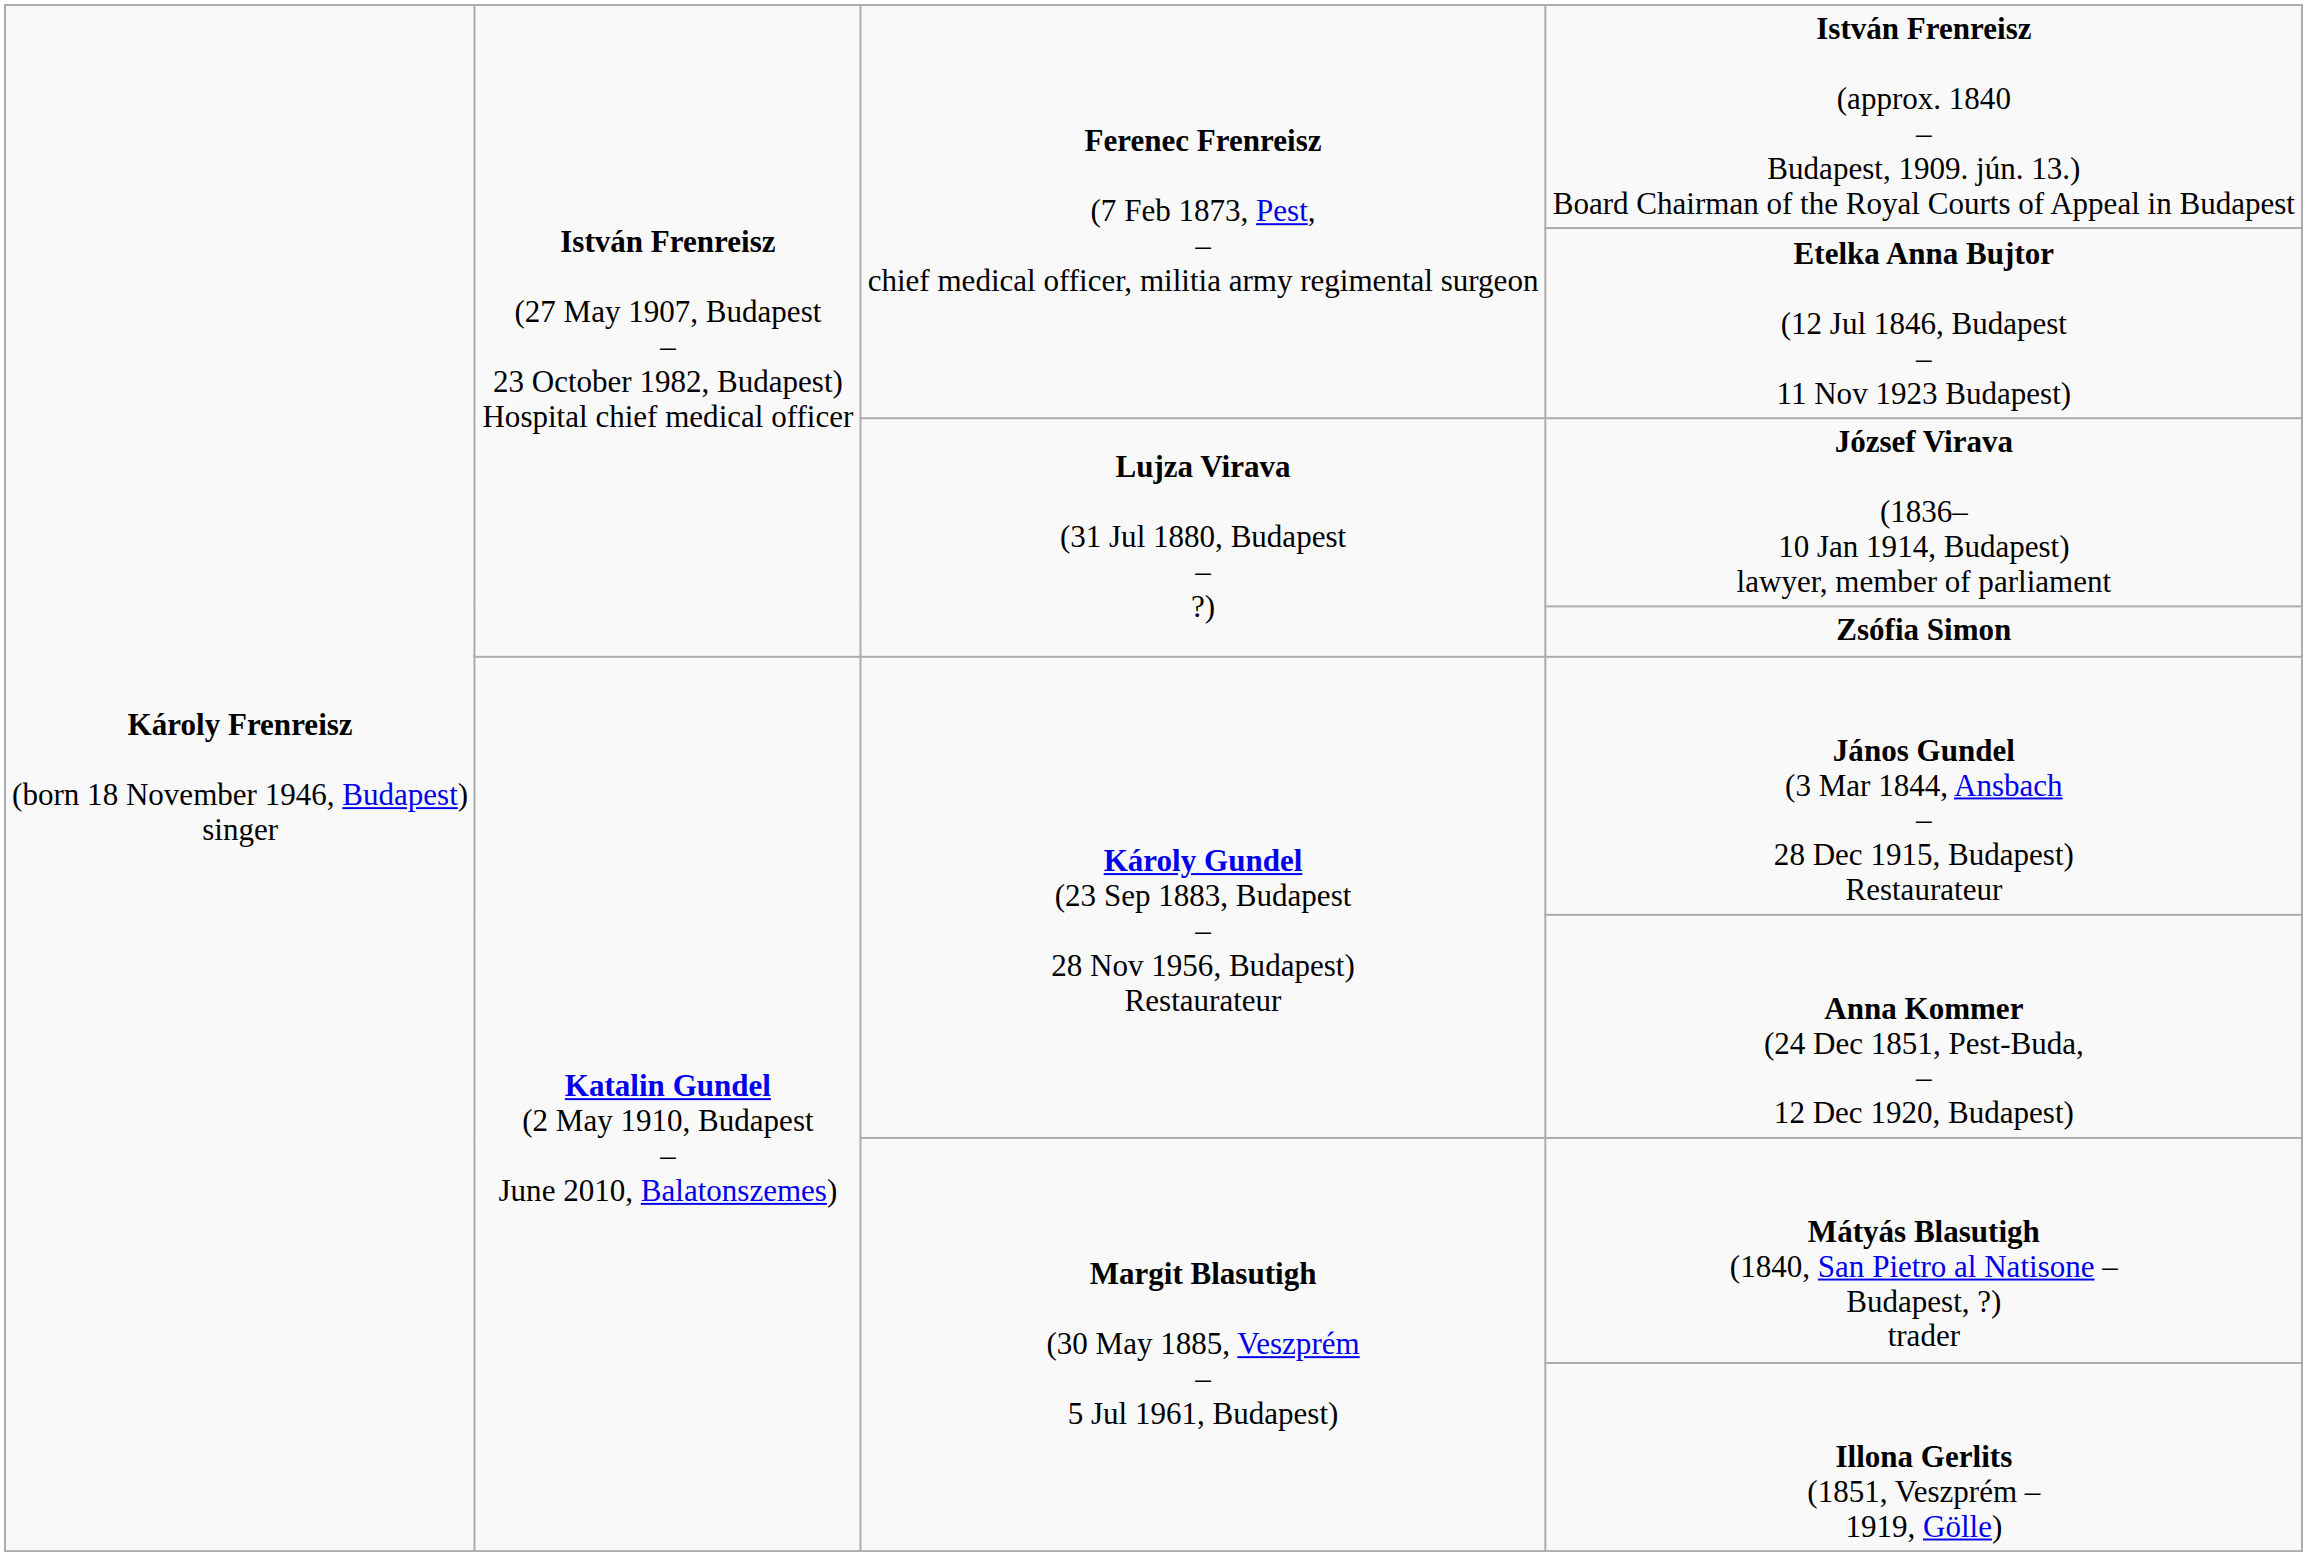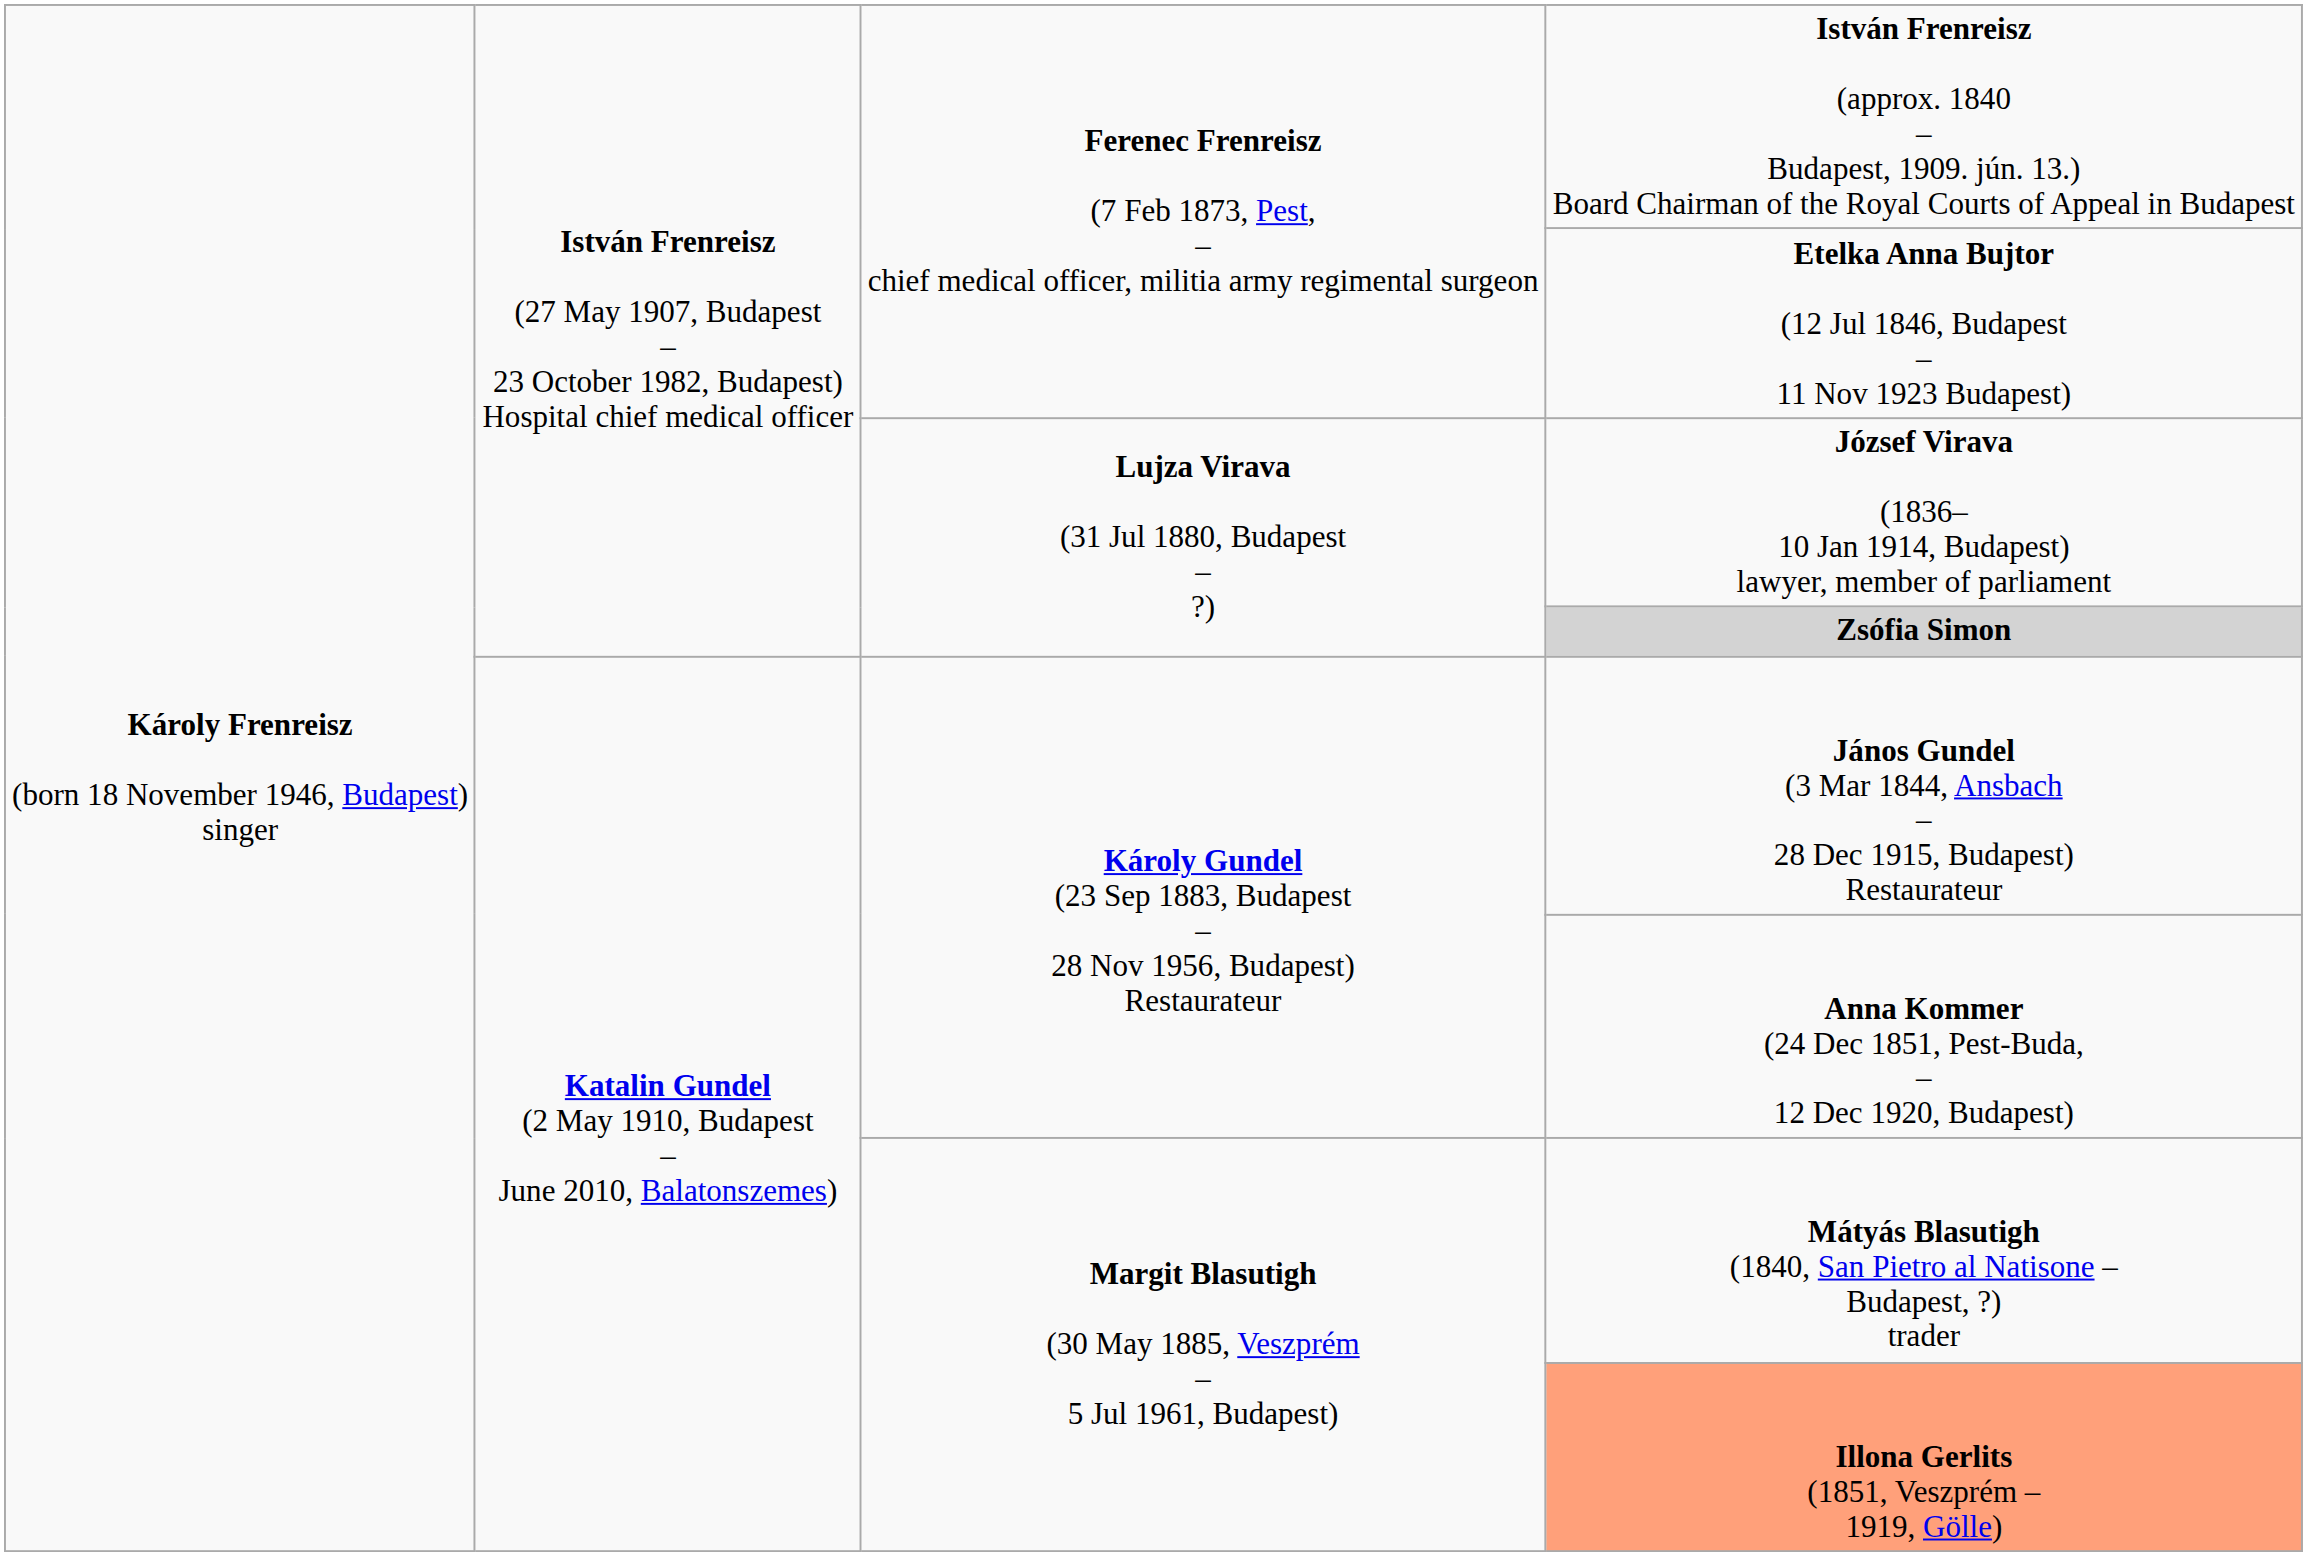 <table class="wikitable" style="margin-bottom: 10px;">
 <tr>
 <td align="center" rowspan="8"><strong>Károly Frenreisz </strong><br><br>(born 18 November 1946, <a href='#'>Budapest</a>)<br> singer</td>
 <td align="center" rowspan="4"><strong>István Frenreisz </strong><br><br>(27 May 1907, Budapest<br> –<br> 23 October 1982, Budapest)<br> Hospital chief medical officer</td>
 <td align="center" rowspan="2"><strong>Ferenec Frenreisz</strong><br><br>(7 Feb 1873, <a href='#'>Pest</a>,<br> –<br>chief medical officer, militia army regimental surgeon</td>
 <td align="center"><strong>István Frenreisz </strong><br><br>(approx. 1840<br> –<br> Budapest, 1909. jún. 13.)<br> Board Chairman of the Royal Courts of Appeal in Budapest</td>
 </tr>
 <tr>
 <td align="center"><strong>Etelka Anna Bujtor</strong><br><br>(12 Jul 1846, Budapest<br> –<br> 11 Nov 1923 Budapest)</td>
 </tr>
 <tr>
 <td align="center" rowspan="2"><strong>Lujza Virava</strong><br><br>(31 Jul 1880, Budapest<br> –<br> ?)</td>
 <td align="center"><strong>József Virava </strong><br><br>(1836–<br> 10 Jan 1914, Budapest)<br> lawyer, member of parliament</td>
 </tr>
 <tr>
-<td align="center"><strong>Zsófia Simon </strong></td>
+<td align="center" style="background: lightgrey;"><strong>Zsófia Simon </strong></td>
 </tr>
 <tr>
 <td align="center" rowspan="4"><br><br><strong><a href='#'>Katalin Gundel</a></strong><br> (2 May 1910, Budapest<br> –<br> June 2010, <a href='#'>Balatonszemes</a>)</td>
 <td align="center" rowspan="2"><br><br><strong><a href='#'>Károly Gundel</a></strong><br> (23 Sep 1883, Budapest<br> –<br> 28 Nov 1956, Budapest)<br> Restaurateur</td>
 <td align="center"><br><br><strong>János Gundel </strong><br> (3 Mar 1844, <a href='#'>Ansbach</a><br> –<br> 28 Dec 1915, Budapest)<br> Restaurateur</td>
 </tr>
 <tr>
 <td align="center"><br><br><strong>Anna Kommer </strong><br> (24 Dec 1851, Pest-Buda,<br> –<br> 12 Dec 1920, Budapest)</td>
 </tr>
 <tr>
 <td align="center" rowspan="2"><strong>Margit Blasutigh </strong><br><br>(30 May 1885, <a href='#'>Veszprém</a><br> –<br> 5 Jul 1961, Budapest)</td>
 <td align="center"><br><br><strong>Mátyás Blasutigh </strong><br> (1840, <a href='#'>San Pietro al Natisone</a> –<br> Budapest, ?)<br> trader</td>
 </tr>
 <tr>
-<td align="center"><br><br><strong>Illona Gerlits </strong><br> (1851, Veszprém –<br> 1919, <a href='#'>Gölle</a>)</td>
+<td align="center" style="background: lightsalmon;"><br><br><strong>Illona Gerlits </strong><br> (1851, Veszprém –<br> 1919, <a href='#'>Gölle</a>)</td>
 </tr>
 </table>
